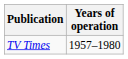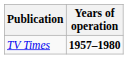 <table class="wikitable">
 <tr>
 <th>Publication</th>
 <th>Years of<br>operation</th>
 </tr>
 <tr>
 <td><em><a href='#'>TV Times</a></em></td>
-<td>1957–1980</td>
+<td><strong>1957–1980</strong></td>
 </tr>
 </table>
